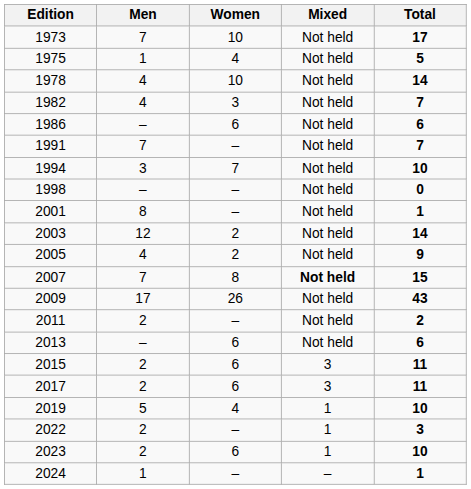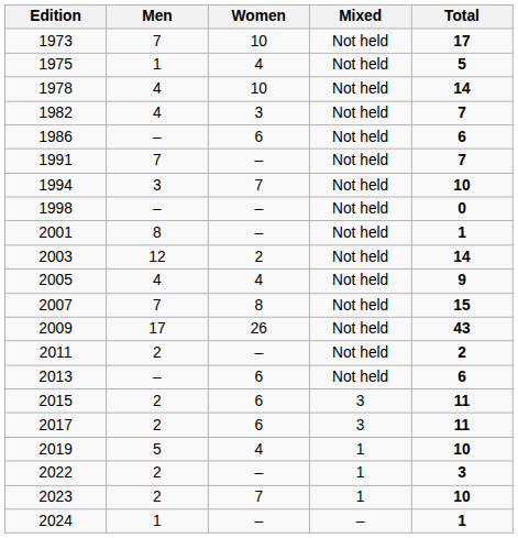 <table class="wikitable sortable" style="text-size:95%; text-align:center">
 <tr>
 <th width="100">Edition</th>
 <th width="100">Men</th>
 <th width="100">Women</th>
 <th width="100">Mixed</th>
 <th width="100">Total</th>
 </tr>
 <tr>
 <td>1973</td>
 <td>7</td>
 <td>10</td>
 <td>Not held</td>
 <td><strong>17</strong></td>
 </tr>
 <tr>
 <td>1975</td>
 <td>1</td>
 <td>4</td>
 <td>Not held</td>
 <td><strong>5</strong></td>
 </tr>
 <tr>
 <td>1978</td>
 <td>4</td>
 <td>10</td>
 <td>Not held</td>
 <td><strong>14</strong></td>
 </tr>
 <tr>
 <td>1982</td>
 <td>4</td>
 <td>3</td>
 <td>Not held</td>
 <td><strong>7</strong></td>
 </tr>
 <tr>
 <td>1986</td>
 <td>–</td>
 <td>6</td>
 <td>Not held</td>
 <td><strong>6</strong></td>
 </tr>
 <tr>
 <td>1991</td>
 <td>7</td>
 <td>–</td>
 <td>Not held</td>
 <td><strong>7</strong></td>
 </tr>
 <tr>
 <td>1994</td>
 <td>3</td>
 <td>7</td>
 <td>Not held</td>
 <td><strong>10</strong></td>
 </tr>
 <tr>
 <td>1998</td>
 <td>–</td>
 <td>–</td>
 <td>Not held</td>
 <td><strong>0</strong></td>
 </tr>
 <tr>
 <td>2001</td>
 <td>8</td>
 <td>–</td>
 <td>Not held</td>
 <td><strong>1</strong></td>
 </tr>
 <tr>
 <td>2003</td>
 <td>12</td>
 <td>2</td>
 <td>Not held</td>
 <td><strong>14</strong></td>
 </tr>
 <tr>
 <td>2005</td>
 <td>4</td>
-<td>2</td>
+<td>4</td>
 <td>Not held</td>
 <td><strong>9</strong></td>
 </tr>
 <tr>
 <td>2007</td>
 <td>7</td>
 <td>8</td>
-<td><strong>Not held</strong></td>
+<td>Not held</td>
 <td><strong>15</strong></td>
 </tr>
 <tr>
 <td>2009</td>
 <td>17</td>
 <td>26</td>
 <td>Not held</td>
 <td><strong>43</strong></td>
 </tr>
 <tr>
 <td>2011</td>
 <td>2</td>
 <td>–</td>
 <td>Not held</td>
 <td><strong>2</strong></td>
 </tr>
 <tr>
 <td>2013</td>
 <td>–</td>
 <td>6</td>
 <td>Not held</td>
 <td><strong>6</strong></td>
 </tr>
 <tr>
 <td>2015</td>
 <td>2</td>
 <td>6</td>
 <td>3</td>
 <td><strong>11</strong></td>
 </tr>
 <tr>
 <td>2017</td>
 <td>2</td>
 <td>6</td>
 <td>3</td>
 <td><strong>11</strong></td>
 </tr>
 <tr>
 <td>2019</td>
 <td>5</td>
 <td>4</td>
 <td>1</td>
 <td><strong>10</strong></td>
 </tr>
 <tr>
 <td>2022</td>
 <td>2</td>
 <td>–</td>
 <td>1</td>
 <td><strong>3</strong></td>
 </tr>
 <tr>
 <td>2023</td>
 <td>2</td>
-<td>6</td>
+<td>7</td>
 <td>1</td>
 <td><strong>10</strong></td>
 </tr>
 <tr>
 <td>2024</td>
 <td>1</td>
 <td>–</td>
 <td>–</td>
 <td><strong>1</strong></td>
 </tr>
 </table>
